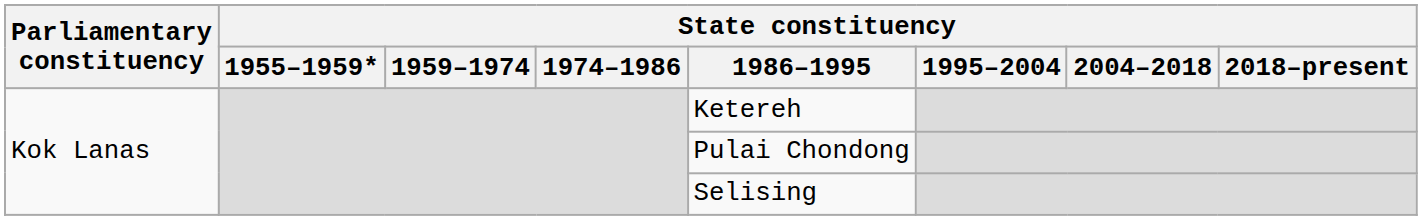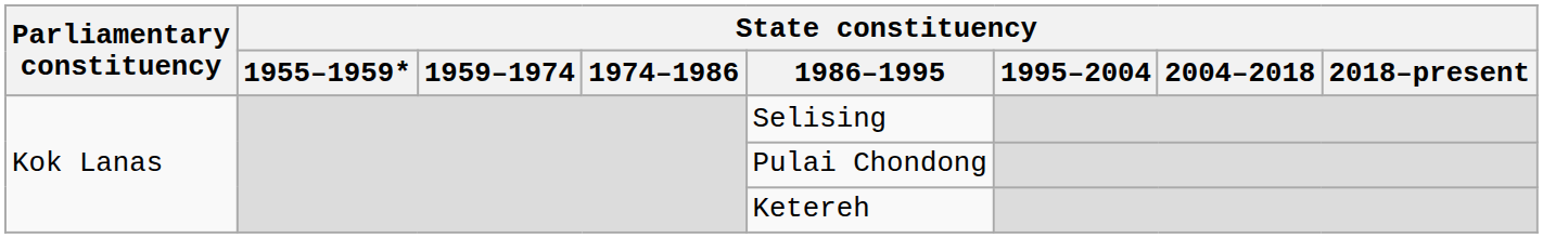 <table class="wikitable">
 <tr>
 <th rowspan="2">Parliamentary<br>constituency</th>
 <th colspan="7">State constituency</th>
 </tr>
 <tr>
 <th>1955–1959*</th>
 <th>1959–1974</th>
 <th>1974–1986</th>
 <th>1986–1995</th>
 <th>1995–2004</th>
 <th>2004–2018</th>
 <th>2018–present</th>
 </tr>
 <tr>
 <td rowspan="3">Kok Lanas</td>
 <td colspan="3" rowspan="3" bgcolor="dcdcdc"></td>
-<td>Ketereh</td>
+<td>Selising</td>
 <td colspan="3" bgcolor="dcdcdc"></td>
 </tr>
 <tr>
 <td>Pulai Chondong</td>
 <td colspan="3" bgcolor="dcdcdc"></td>
 </tr>
 <tr>
-<td>Selising</td>
+<td>Ketereh</td>
 <td colspan="3" bgcolor="dcdcdc"></td>
 </tr>
 </table>
